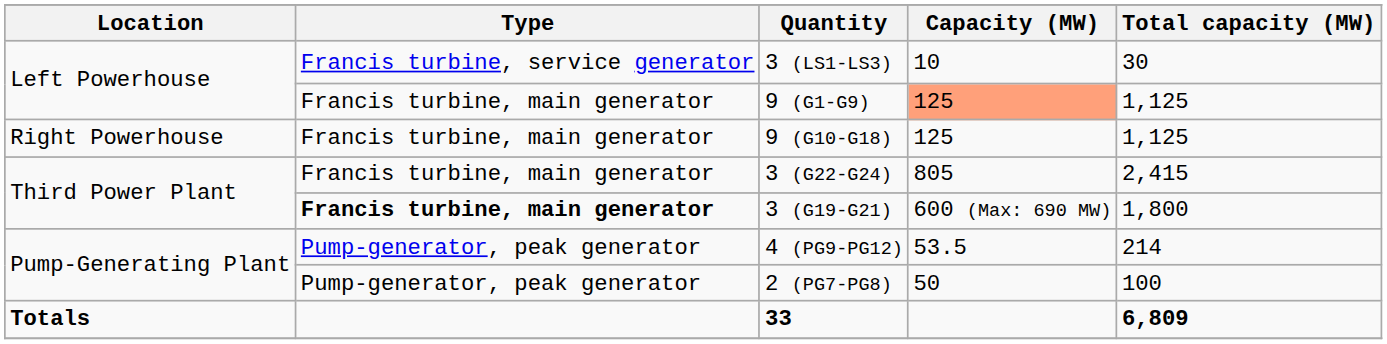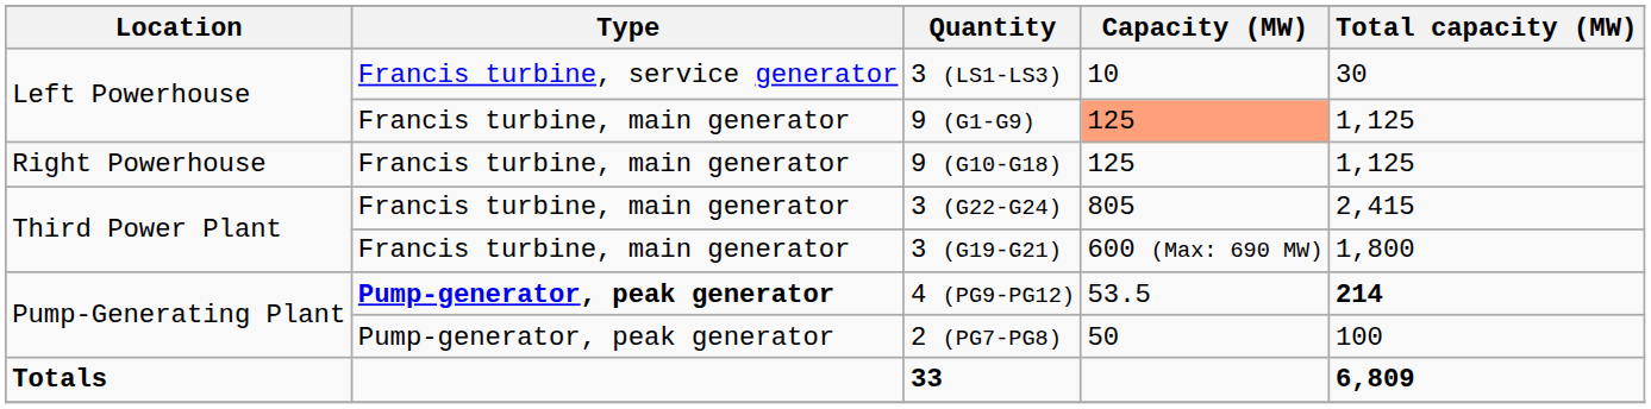 <table class="wikitable" style="border:1">
 <tr>
 </tr>
 <tr>
 <th>Location</th>
 <th>Type</th>
 <th>Quantity</th>
 <th>Capacity (MW)</th>
 <th>Total capacity (MW)</th>
 </tr>
 <tr style="height: 25px;">
 <td rowspan="2">Left Powerhouse</td>
 <td><a href='#'>Francis turbine</a>, service <a href='#'>generator</a></td>
 <td>3 <small>(LS1-LS3)</small></td>
 <td>10</td>
 <td>30</td>
 </tr>
 <tr>
 <td>Francis turbine, main generator</td>
 <td>9 <small>(G1-G9)</small></td>
 <td style="background: lightsalmon;">125</td>
 <td>1,125</td>
 </tr>
 <tr>
 <td>Right Powerhouse</td>
 <td>Francis turbine, main generator</td>
 <td>9 <small>(G10-G18)</small></td>
 <td>125</td>
 <td>1,125</td>
 </tr>
 <tr>
 <td rowspan="2">Third Power Plant</td>
 <td>Francis turbine, main generator</td>
 <td>3 <small>(G22-G24)</small></td>
 <td>805</td>
 <td>2,415</td>
 </tr>
 <tr>
-<td><strong>Francis turbine, main generator</strong></td>
+<td>Francis turbine, main generator</td>
 <td>3 <small>(G19-G21)</small></td>
 <td>600 <small>(Max: 690 MW)</small></td>
 <td>1,800</td>
 </tr>
 <tr>
 <td rowspan="2">Pump-Generating Plant</td>
-<td><a href='#'>Pump-generator</a>, peak generator</td>
+<td><strong><a href='#'>Pump-generator</a>, peak generator</strong></td>
 <td>4 <small>(PG9-PG12)</small></td>
 <td>53.5</td>
-<td>214</td>
+<td><strong>214</strong></td>
 </tr>
 <tr>
 <td>Pump-generator, peak generator</td>
 <td>2 <small>(PG7-PG8)</small></td>
 <td>50</td>
 <td>100</td>
 </tr>
 <tr>
 <td><strong>Totals</strong></td>
 <td></td>
 <td><strong>33</strong></td>
 <td></td>
 <td><strong>6,809</strong></td>
 </tr>
 <tr>
 </tr>
 </table>
